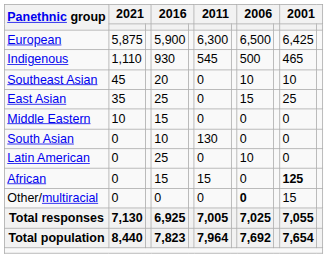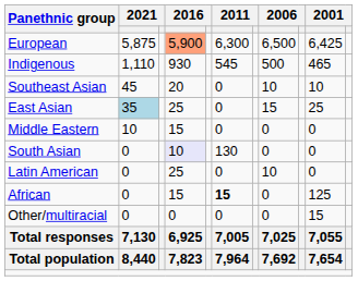 <table class="wikitable collapsible sortable">
 <tr>
 <th rowspan="2"><a href='#'>Panethnic</a> group</th>
 <th colspan="2">2021</th>
 <th colspan="2">2016</th>
 <th colspan="2">2011</th>
 <th colspan="2">2006</th>
 <th colspan="2">2001</th>
 </tr>
 <tr>
 <th><a href='#'></a></th>
 <th></th>
 <th></th>
 <th></th>
 <th></th>
 <th></th>
 <th></th>
 <th></th>
 <th></th>
 <th></th>
 </tr>
 <tr>
 <td><a href='#'>European</a></td>
 <td>5,875</td>
 <td></td>
-<td>5,900</td>
+<td style="background: lightsalmon;">5,900</td>
 <td></td>
 <td>6,300</td>
 <td></td>
 <td>6,500</td>
 <td></td>
 <td>6,425</td>
 <td></td>
 </tr>
 <tr>
 <td><a href='#'>Indigenous</a></td>
 <td>1,110</td>
 <td></td>
 <td>930</td>
 <td></td>
 <td>545</td>
 <td></td>
 <td>500</td>
 <td></td>
 <td>465</td>
 <td></td>
 </tr>
 <tr>
 <td><a href='#'>Southeast Asian</a></td>
 <td>45</td>
 <td></td>
 <td>20</td>
 <td></td>
 <td>0</td>
 <td></td>
 <td>10</td>
 <td></td>
 <td>10</td>
 <td></td>
 </tr>
 <tr>
 <td><a href='#'>East Asian</a></td>
-<td>35</td>
+<td style="background: lightblue;">35</td>
 <td></td>
 <td>25</td>
 <td></td>
 <td>0</td>
 <td></td>
 <td>15</td>
 <td></td>
 <td>25</td>
 <td></td>
 </tr>
 <tr>
 <td><a href='#'>Middle Eastern</a></td>
 <td>10</td>
 <td></td>
 <td>15</td>
 <td></td>
 <td>0</td>
 <td></td>
 <td>0</td>
 <td></td>
 <td>0</td>
 <td></td>
 </tr>
 <tr>
 <td><a href='#'>South Asian</a></td>
 <td>0</td>
 <td></td>
-<td>10</td>
+<td style="background: lavender;">10</td>
 <td></td>
 <td>130</td>
 <td></td>
 <td>0</td>
 <td></td>
 <td>0</td>
 <td></td>
 </tr>
 <tr>
 <td><a href='#'>Latin American</a></td>
 <td>0</td>
 <td></td>
 <td>25</td>
 <td></td>
 <td>0</td>
 <td></td>
 <td>10</td>
 <td></td>
 <td>0</td>
 <td></td>
 </tr>
 <tr>
 <td><a href='#'>African</a></td>
 <td>0</td>
 <td></td>
 <td>15</td>
 <td></td>
-<td>15</td>
+<td><strong>15</strong></td>
 <td></td>
 <td>0</td>
 <td></td>
-<td><strong>125</strong></td>
+<td>125</td>
 <td></td>
 </tr>
 <tr>
 <td>Other/<a href='#'>multiracial</a></td>
 <td>0</td>
 <td></td>
 <td>0</td>
 <td></td>
 <td>0</td>
 <td></td>
-<td><strong>0</strong></td>
+<td>0</td>
 <td></td>
 <td>15</td>
 <td></td>
 </tr>
 <tr>
 <th>Total responses</th>
 <th>7,130</th>
 <th></th>
 <th>6,925</th>
 <th></th>
 <th>7,005</th>
 <th></th>
 <th>7,025</th>
 <th></th>
 <th>7,055</th>
 <th></th>
 </tr>
 <tr class="sortbottom">
 <th>Total population</th>
 <th>8,440</th>
 <th></th>
 <th>7,823</th>
 <th></th>
 <th>7,964</th>
 <th></th>
 <th>7,692</th>
 <th></th>
 <th>7,654</th>
 <th></th>
 </tr>
 <tr class="sortbottom">
 <td colspan="11"></td>
 </tr>
 </table>
